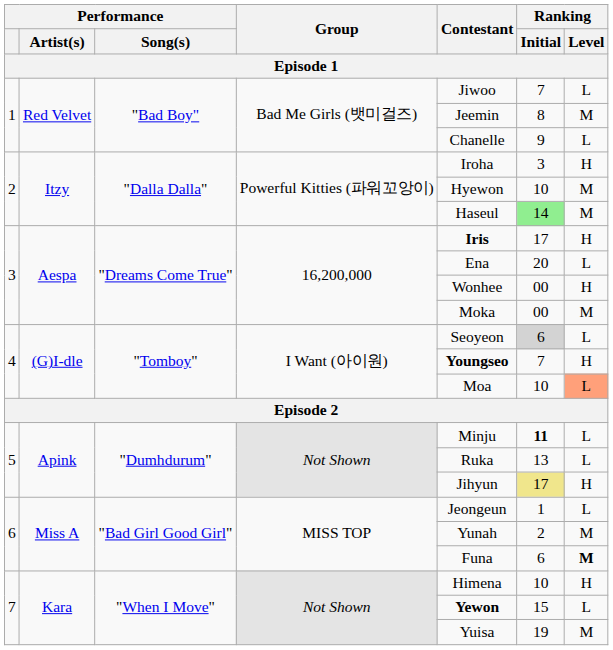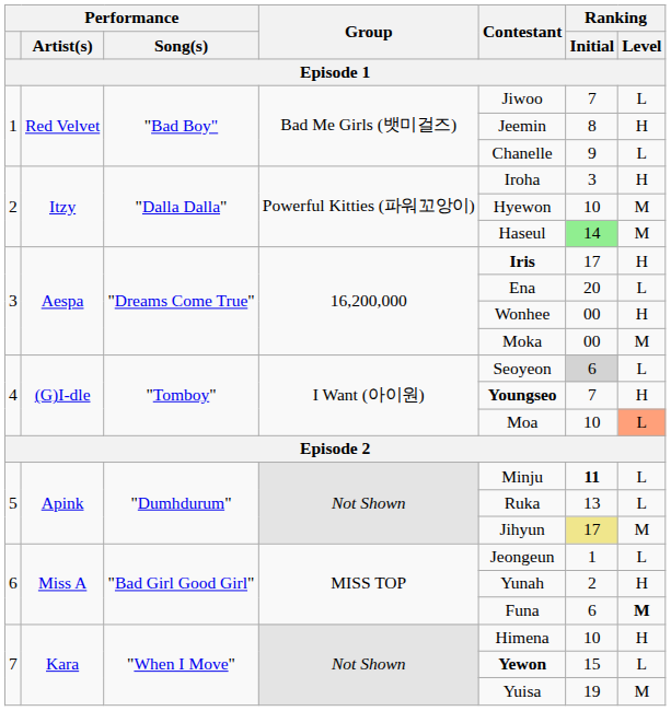 <table class="wikitable collapsible" style="text-align:center">
 <tr>
 <th colspan="3">Performance</th>
 <th rowspan="2">Group</th>
 <th rowspan="2">Contestant</th>
 <th colspan="2">Ranking</th>
 </tr>
 <tr>
 <th></th>
 <th>Artist(s)</th>
 <th>Song(s)</th>
 <th>Initial </th>
 <th>Level</th>
 </tr>
 <tr>
 <th colspan="7">Episode 1</th>
 </tr>
 <tr>
 <td rowspan="3">1</td>
 <td rowspan="3"><a href='#'>Red Velvet</a></td>
 <td rowspan="3">"<a href='#'>Bad Boy"</a></td>
 <td rowspan="3">Bad Me Girls (뱃미걸즈)</td>
 <td>Jiwoo</td>
 <td>7</td>
 <td>L</td>
 </tr>
 <tr>
 <td>Jeemin</td>
 <td>8</td>
-<td>M</td>
+<td>H</td>
 </tr>
 <tr>
 <td>Chanelle</td>
 <td>9</td>
 <td>L</td>
 </tr>
 <tr>
 <td rowspan="3">2</td>
 <td rowspan="3"><a href='#'>Itzy</a></td>
 <td rowspan="3">"<a href='#'>Dalla Dalla</a>"</td>
 <td rowspan="3">Powerful Kitties (파워꼬앙이)</td>
 <td>Iroha</td>
 <td>3</td>
 <td>H</td>
 </tr>
 <tr>
 <td>Hyewon</td>
 <td>10</td>
 <td>M</td>
 </tr>
 <tr>
 <td>Haseul</td>
 <td style="background: lightgreen;">14</td>
 <td>M</td>
 </tr>
 <tr>
 <td rowspan="4">3</td>
 <td rowspan="4"><a href='#'>Aespa</a></td>
 <td rowspan="4">"<a href='#'>Dreams Come True</a>"</td>
 <td rowspan="4">16,200,000</td>
 <td><strong>Iris</strong></td>
 <td>17</td>
 <td>H</td>
 </tr>
 <tr>
 <td>Ena</td>
 <td>20</td>
 <td>L</td>
 </tr>
 <tr>
 <td>Wonhee</td>
 <td>00</td>
 <td>H</td>
 </tr>
 <tr>
 <td>Moka</td>
 <td>00</td>
 <td>M</td>
 </tr>
 <tr>
 <td rowspan="3">4</td>
 <td rowspan="3"><a href='#'>(G)I-dle</a></td>
 <td rowspan="3">"<a href='#'>Tomboy</a>"</td>
 <td rowspan="3">I Want (아이원)</td>
 <td>Seoyeon</td>
 <td style="background: lightgrey;">6</td>
 <td>L</td>
 </tr>
 <tr>
 <td><strong>Youngseo</strong></td>
 <td>7</td>
 <td>H</td>
 </tr>
 <tr>
 <td>Moa</td>
 <td>10</td>
 <td style="background: lightsalmon;">L</td>
 </tr>
 <tr>
 <th colspan="7">Episode 2</th>
 </tr>
 <tr>
 <td rowspan="3">5</td>
 <td rowspan="3"><a href='#'>Apink</a></td>
 <td rowspan="3">"<a href='#'>Dumhdurum</a>"</td>
 <td rowspan="3" style="background:#E4E4E4"><em>Not Shown</em></td>
 <td>Minju</td>
 <td><strong>11</strong></td>
 <td>L</td>
 </tr>
 <tr>
 <td>Ruka</td>
 <td>13</td>
 <td>L</td>
 </tr>
 <tr>
 <td>Jihyun</td>
 <td style="background: khaki;">17</td>
-<td>H</td>
+<td>M</td>
 </tr>
 <tr>
 <td rowspan="3">6</td>
 <td rowspan="3"><a href='#'>Miss A</a></td>
 <td rowspan="3">"<a href='#'>Bad Girl Good Girl</a>"</td>
 <td rowspan="3">MISS TOP</td>
 <td>Jeongeun</td>
 <td>1</td>
 <td>L</td>
 </tr>
 <tr>
 <td>Yunah</td>
 <td>2</td>
-<td>M</td>
+<td>H</td>
 </tr>
 <tr>
 <td>Funa</td>
 <td>6</td>
 <td><strong>M</strong></td>
 </tr>
 <tr>
 <td rowspan="3">7</td>
 <td rowspan="3"><a href='#'>Kara</a></td>
 <td rowspan="3">"<a href='#'>When I Move</a>"</td>
 <td rowspan="3"  style="background:#E4E4E4"><em>Not Shown</em></td>
 <td>Himena</td>
 <td>10</td>
 <td>H</td>
 </tr>
 <tr>
 <td><strong>Yewon</strong></td>
 <td>15</td>
 <td>L</td>
 </tr>
 <tr>
 <td>Yuisa</td>
 <td>19</td>
 <td>M</td>
 </tr>
 </table>
